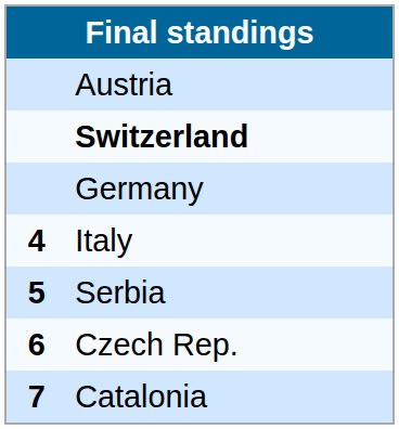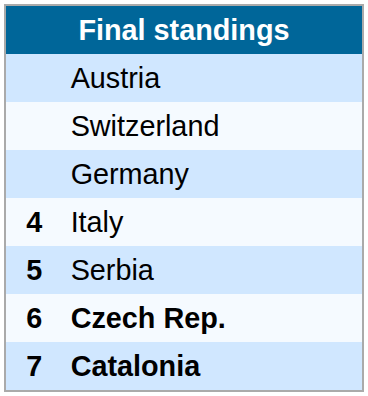 <table align=center cellpadding="4" cellspacing="0" style="background: #f9f9f9; border: 1px #aaa solid; border-collapse: collapse; font-size: 90%;" width=180>
 <tr align=center bgcolor=#006699 style="color:white;">
 <th width=100% colspan=2>Final standings</th>
 </tr>
 <tr align=center bgcolor=#d0e7ff>
 <td></td>
 <td align=left> Austria</td>
 </tr>
 <tr align=center bgcolor=#f5faff>
 <td></td>
-<td align=left><strong> Switzerland</strong></td>
+<td align=left> Switzerland</td>
 </tr>
 <tr align=center bgcolor=#d0e7ff>
 <td></td>
 <td align=left> Germany</td>
 </tr>
 <tr align=center bgcolor=#f5faff>
 <td><strong>4</strong></td>
 <td align=left> Italy</td>
 </tr>
 <tr align=center bgcolor=#d0e7ff>
 <td><strong>5</strong></td>
 <td align=left> Serbia</td>
 </tr>
 <tr align=center bgcolor=#f5faff>
 <td><strong>6</strong></td>
-<td align=left> Czech Rep.</td>
+<td align=left><strong> Czech Rep.</strong></td>
 </tr>
 <tr align=center bgcolor=#d0e7ff>
 <td><strong>7</strong></td>
-<td align=left> Catalonia</td>
+<td align=left><strong> Catalonia</strong></td>
 </tr>
 </table>
